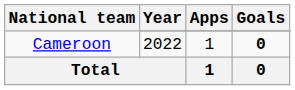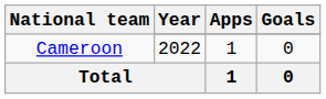 <table class="wikitable" style="text-align: center;">
 <tr>
 <th>National team</th>
 <th>Year</th>
 <th>Apps</th>
 <th>Goals</th>
 </tr>
 <tr>
 <td rowspan="2"><a href='#'>Cameroon</a></td>
 </tr>
 <tr>
 <td>2022</td>
 <td>1</td>
-<td><strong>0</strong></td>
+<td>0</td>
 </tr>
 <tr>
 <th colspan=2>Total</th>
 <th>1</th>
 <th>0</th>
 </tr>
 </table>
